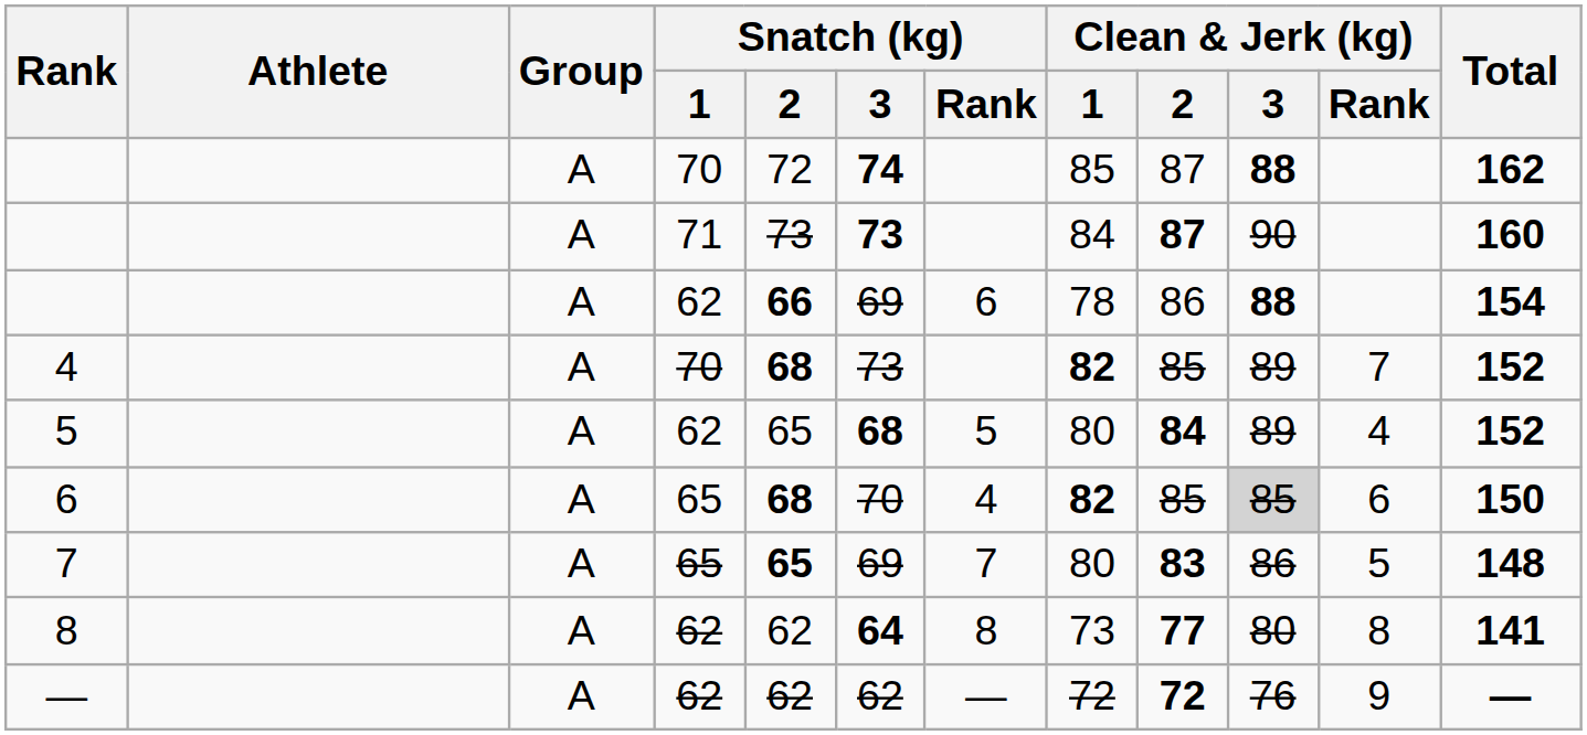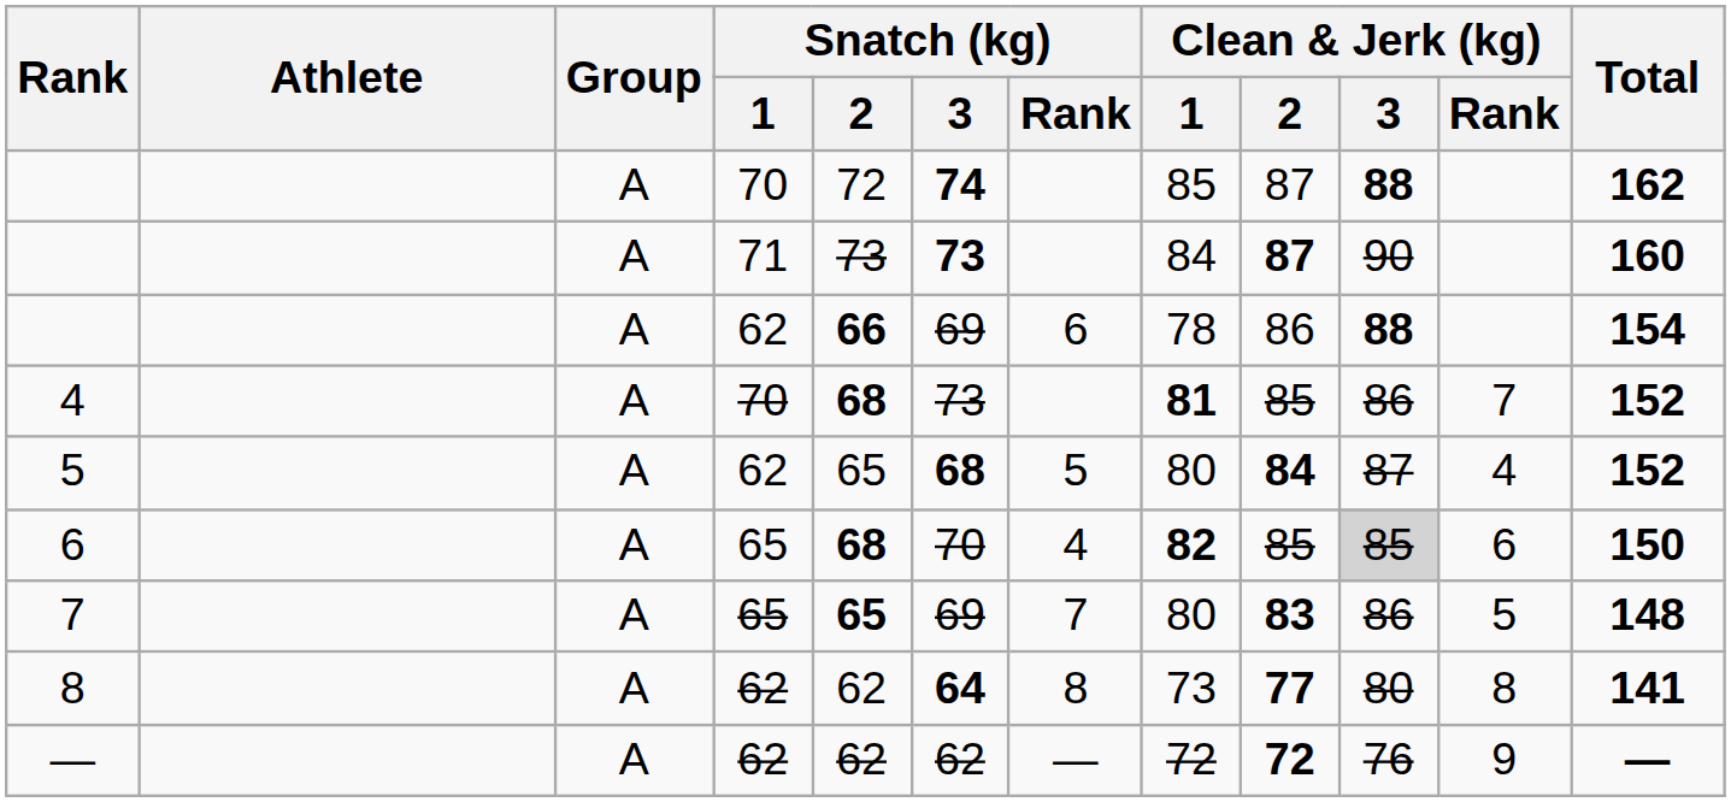 <table class = "wikitable" style="text-align:center;">
 <tr>
 <th rowspan=2 width=40>Rank</th>
 <th rowspan=2 width=250>Athlete</th>
 <th rowspan=2 width=50>Group</th>
 <th colspan=4>Snatch (kg)</th>
 <th colspan=4>Clean & Jerk (kg)</th>
 <th rowspan=2 width=60>Total</th>
 </tr>
 <tr>
 <th width=40>1</th>
 <th width=40>2</th>
 <th width=40>3</th>
 <th width=40>Rank</th>
 <th width=40>1</th>
 <th width=40>2</th>
 <th width=40>3</th>
 <th width=40>Rank</th>
 </tr>
 <tr>
 <td></td>
 <td align=left></td>
 <td>A</td>
 <td>70</td>
 <td>72</td>
 <td><strong>74</strong></td>
 <td></td>
 <td>85</td>
 <td>87</td>
 <td><strong>88</strong></td>
 <td></td>
 <td><strong>162</strong></td>
 </tr>
 <tr>
 <td></td>
 <td align=left></td>
 <td>A</td>
 <td>71</td>
 <td><s>73</s></td>
 <td><strong>73</strong></td>
 <td></td>
 <td>84</td>
 <td><strong>87</strong></td>
 <td><s>90</s></td>
 <td></td>
 <td><strong>160</strong></td>
 </tr>
 <tr>
 <td></td>
 <td align=left></td>
 <td>A</td>
 <td>62</td>
 <td><strong>66</strong></td>
 <td><s>69</s></td>
 <td>6</td>
 <td>78</td>
 <td>86</td>
 <td><strong>88</strong></td>
 <td></td>
 <td><strong>154</strong></td>
 </tr>
 <tr>
 <td>4</td>
 <td align=left></td>
 <td>A</td>
 <td><s>70</s></td>
 <td><strong>68</strong></td>
 <td><s>73</s></td>
 <td></td>
-<td><strong>82</strong></td>
+<td><strong>81</strong></td>
 <td><s>85</s></td>
-<td><s>89</s></td>
+<td><s>86</s></td>
 <td>7</td>
 <td><strong>152</strong></td>
 </tr>
 <tr>
 <td>5</td>
 <td align=left></td>
 <td>A</td>
 <td>62</td>
 <td>65</td>
 <td><strong>68</strong></td>
 <td>5</td>
 <td>80</td>
 <td><strong>84</strong></td>
-<td><s>89</s></td>
+<td><s>87</s></td>
 <td>4</td>
 <td><strong>152</strong></td>
 </tr>
 <tr>
 <td>6</td>
 <td align=left></td>
 <td>A</td>
 <td>65</td>
 <td><strong>68</strong></td>
 <td><s>70</s></td>
 <td>4</td>
 <td><strong>82</strong></td>
 <td><s>85</s></td>
 <td style="background: lightgrey;"><s>85</s></td>
 <td>6</td>
 <td><strong>150</strong></td>
 </tr>
 <tr>
 <td>7</td>
 <td align=left></td>
 <td>A</td>
 <td><s>65</s></td>
 <td><strong>65</strong></td>
 <td><s>69</s></td>
 <td>7</td>
 <td>80</td>
 <td><strong>83</strong></td>
 <td><s>86</s></td>
 <td>5</td>
 <td><strong>148</strong></td>
 </tr>
 <tr>
 <td>8</td>
 <td align=left></td>
 <td>A</td>
 <td><s>62</s></td>
 <td>62</td>
 <td><strong>64</strong></td>
 <td>8</td>
 <td>73</td>
 <td><strong>77</strong></td>
 <td><s>80</s></td>
 <td>8</td>
 <td><strong>141</strong></td>
 </tr>
 <tr>
 <td>—</td>
 <td align=left></td>
 <td>A</td>
 <td><s>62</s></td>
 <td><s>62</s></td>
 <td><s>62</s></td>
 <td>—</td>
 <td><s>72</s></td>
 <td><strong>72</strong></td>
 <td><s>76</s></td>
 <td>9</td>
 <td><strong>—</strong></td>
 </tr>
 </table>
